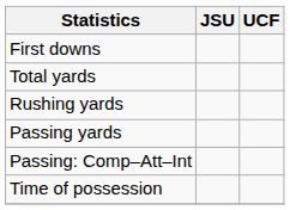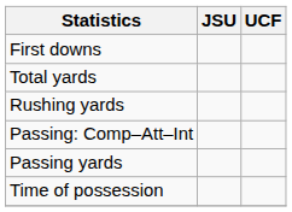 <table class="wikitable" style="float: left;">
 <tr>
 <th>Statistics</th>
 <th>JSU</th>
 <th>UCF</th>
 </tr>
 <tr>
 <td>First downs</td>
 <td></td>
 <td></td>
 </tr>
 <tr>
 <td>Total yards</td>
 <td></td>
 <td></td>
 </tr>
 <tr>
 <td>Rushing yards</td>
 <td></td>
 <td></td>
 </tr>
 <tr>
-<td>Passing yards</td>
+<td>Passing: Comp–Att–Int</td>
 <td></td>
 <td></td>
 </tr>
 <tr>
-<td>Passing: Comp–Att–Int</td>
+<td>Passing yards</td>
 <td></td>
 <td></td>
 </tr>
 <tr>
 <td>Time of possession</td>
 <td></td>
 <td></td>
 </tr>
 <tr>
 </tr>
 </table>
